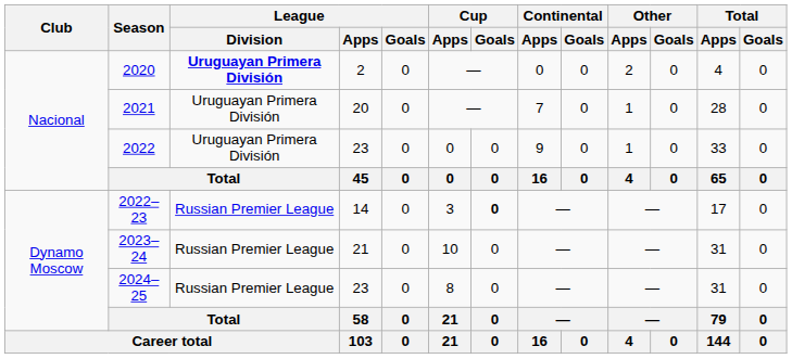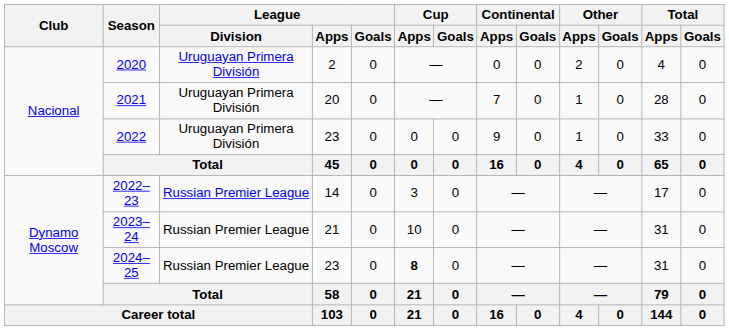 <table class="wikitable" style="text-align: center">
 <tr>
 <th rowspan="2">Club</th>
 <th rowspan="2">Season</th>
 <th colspan="3">League</th>
 <th colspan="2">Cup</th>
 <th colspan="2">Continental</th>
 <th colspan="2">Other</th>
 <th colspan="2">Total</th>
 </tr>
 <tr>
 <th>Division</th>
 <th>Apps</th>
 <th>Goals</th>
 <th>Apps</th>
 <th>Goals</th>
 <th>Apps</th>
 <th>Goals</th>
 <th>Apps</th>
 <th>Goals</th>
 <th>Apps</th>
 <th>Goals</th>
 </tr>
 <tr>
 <td rowspan="4"><a href='#'>Nacional</a></td>
 <td><a href='#'>2020</a></td>
-<td><strong><a href='#'>Uruguayan Primera División</a></strong></td>
+<td><a href='#'>Uruguayan Primera División</a></td>
 <td>2</td>
 <td>0</td>
 <td colspan="2">—</td>
 <td>0</td>
 <td>0</td>
 <td>2</td>
 <td>0</td>
 <td>4</td>
 <td>0</td>
 </tr>
 <tr>
 <td><a href='#'>2021</a></td>
 <td>Uruguayan Primera División</td>
 <td>20</td>
 <td>0</td>
 <td colspan="2">—</td>
 <td>7</td>
 <td>0</td>
 <td>1</td>
 <td>0</td>
 <td>28</td>
 <td>0</td>
 </tr>
 <tr>
 <td><a href='#'>2022</a></td>
 <td>Uruguayan Primera División</td>
 <td>23</td>
 <td>0</td>
 <td>0</td>
 <td>0</td>
 <td>9</td>
 <td>0</td>
 <td>1</td>
 <td>0</td>
 <td>33</td>
 <td>0</td>
 </tr>
 <tr>
 <th colspan="2">Total</th>
 <th>45</th>
 <th>0</th>
 <th>0</th>
 <th>0</th>
 <th>16</th>
 <th>0</th>
 <th>4</th>
 <th>0</th>
 <th>65</th>
 <th>0</th>
 </tr>
 <tr>
 <td rowspan="4"><a href='#'>Dynamo Moscow</a></td>
 <td><a href='#'>2022–23</a></td>
 <td><a href='#'>Russian Premier League</a></td>
 <td>14</td>
 <td>0</td>
 <td>3</td>
-<td><strong>0</strong></td>
+<td>0</td>
 <td colspan="2">—</td>
 <td colspan="2">—</td>
 <td>17</td>
 <td>0</td>
 </tr>
 <tr>
 <td><a href='#'>2023–24</a></td>
 <td>Russian Premier League</td>
 <td>21</td>
 <td>0</td>
 <td>10</td>
 <td>0</td>
 <td colspan="2">—</td>
 <td colspan="2">—</td>
 <td>31</td>
 <td>0</td>
 </tr>
 <tr>
 <td><a href='#'>2024–25</a></td>
 <td>Russian Premier League</td>
 <td>23</td>
 <td>0</td>
-<td>8</td>
+<td><strong>8</strong></td>
 <td>0</td>
 <td colspan="2">—</td>
 <td colspan="2">—</td>
 <td>31</td>
 <td>0</td>
 </tr>
 <tr>
 <th colspan="2">Total</th>
 <th>58</th>
 <th>0</th>
 <th>21</th>
 <th>0</th>
 <th colspan="2">—</th>
 <th colspan="2">—</th>
 <th>79</th>
 <th>0</th>
 </tr>
 <tr>
 <th colspan="3">Career total</th>
 <th>103</th>
 <th>0</th>
 <th>21</th>
 <th>0</th>
 <th>16</th>
 <th>0</th>
 <th>4</th>
 <th>0</th>
 <th>144</th>
 <th>0</th>
 </tr>
 </table>
